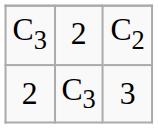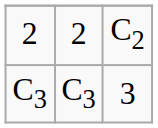 <table class=wikitable align=right>
 <tr valign=top>
 </tr>
 <tr align=center>
-<td>C<sub>3</sub><br></td>
+<td>2</td>
 <td>2</td>
 <td>C<sub>2</sub><br></td>
 </tr>
 <tr align=center>
-<td>2</td>
+<td>C<sub>3</sub><br></td>
 <td>C<sub>3</sub><br></td>
 <td>3</td>
 </tr>
 </table>
